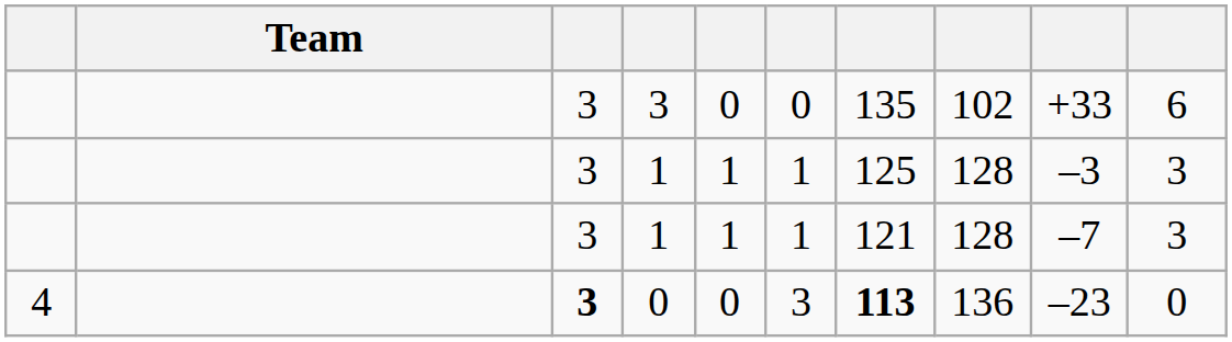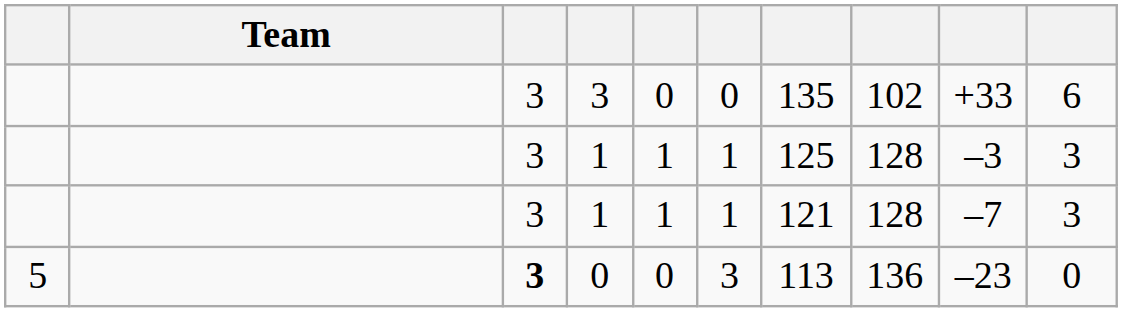 <table class=wikitable style=text-align:center>
 <tr>
 <th width=20 abbr=Position></th>
 <th width=175>Team</th>
 <th width=20 abbr=Played></th>
 <th width=20 abbr=Won></th>
 <th width=20 abbr=Drawn></th>
 <th width=20 abbr=Lost></th>
 <th width=30 abbr=Goal for></th>
 <th width=30 abbr=Goal against></th>
 <th width=30 abbr=Goal difference></th>
 <th width=30 abbr=Points></th>
 </tr>
 <tr>
 <td></td>
 <td align=left></td>
 <td>3</td>
 <td>3</td>
 <td>0</td>
 <td>0</td>
 <td>135</td>
 <td>102</td>
 <td>+33</td>
 <td>6</td>
 </tr>
 <tr>
 <td></td>
 <td align=left></td>
 <td>3</td>
 <td>1</td>
 <td>1</td>
 <td>1</td>
 <td>125</td>
 <td>128</td>
 <td>–3</td>
 <td>3</td>
 </tr>
 <tr>
 <td></td>
 <td align=left></td>
 <td>3</td>
 <td>1</td>
 <td>1</td>
 <td>1</td>
 <td>121</td>
 <td>128</td>
 <td>–7</td>
 <td>3</td>
 </tr>
 <tr>
-<td>4</td>
+<td>5</td>
 <td align=left></td>
 <td><strong>3</strong></td>
 <td>0</td>
 <td>0</td>
 <td>3</td>
-<td><strong>113</strong></td>
+<td>113</td>
 <td>136</td>
 <td>–23</td>
 <td>0</td>
 </tr>
 </table>
